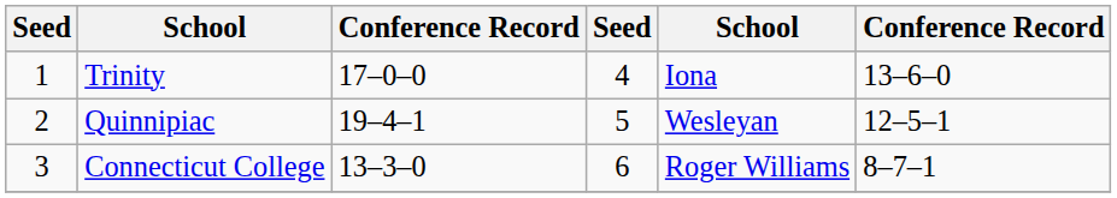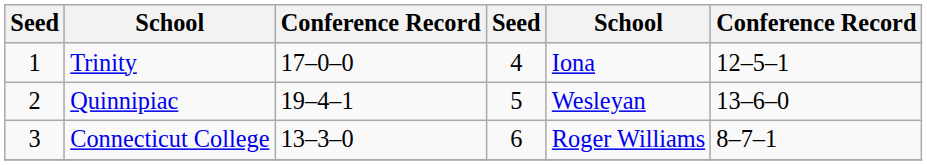 <table class="wikitable">
 <tr>
 <th>Seed</th>
 <th>School</th>
 <th>Conference Record</th>
 <th>Seed</th>
 <th>School</th>
 <th>Conference Record</th>
 </tr>
 <tr>
 <td align=center>1</td>
 <td><a href='#'>Trinity</a></td>
 <td>17–0–0</td>
 <td align=center>4</td>
 <td><a href='#'>Iona</a></td>
-<td>13–6–0</td>
+<td>12–5–1</td>
 </tr>
 <tr>
 <td align=center>2</td>
 <td><a href='#'>Quinnipiac</a></td>
 <td>19–4–1</td>
 <td align=center>5</td>
 <td><a href='#'>Wesleyan</a></td>
-<td>12–5–1</td>
+<td>13–6–0</td>
 </tr>
 <tr>
 <td align=center>3</td>
 <td><a href='#'>Connecticut College</a></td>
 <td>13–3–0</td>
 <td align=center>6</td>
 <td><a href='#'>Roger Williams</a></td>
 <td>8–7–1</td>
 </tr>
 <tr>
 </tr>
 </table>
